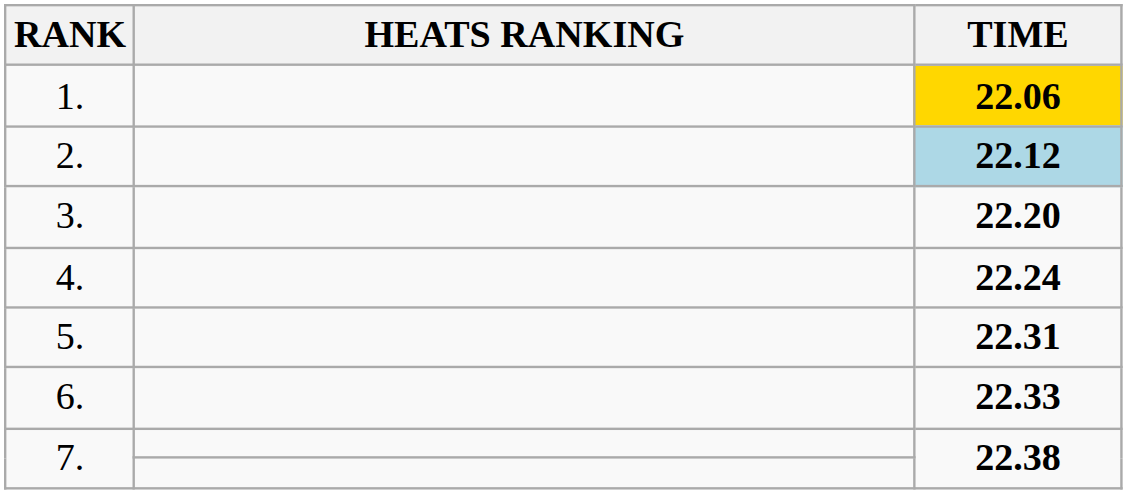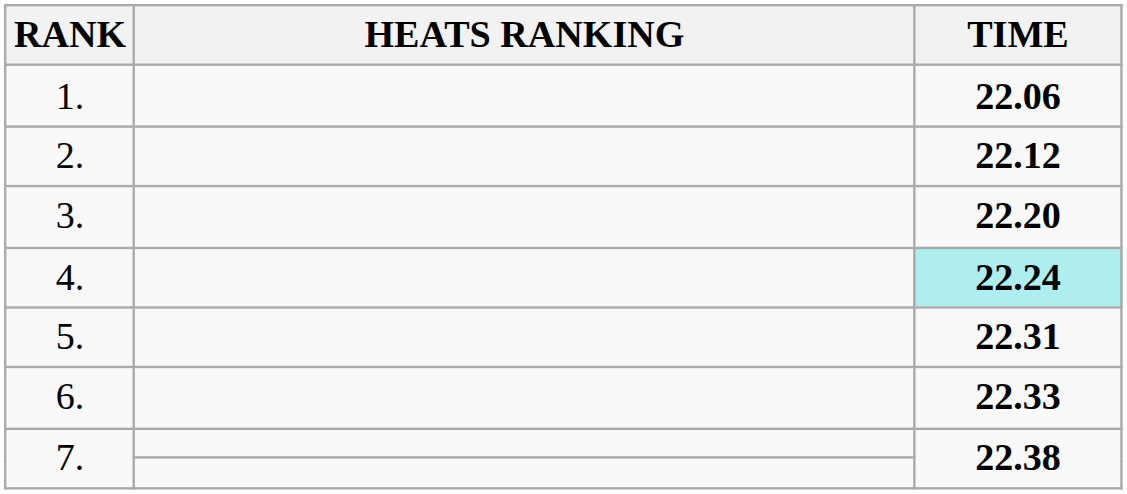 <table class="wikitable">
 <tr>
 <th>RANK</th>
 <th style="width: 20em">HEATS RANKING</th>
 <th style="width: 5em">TIME</th>
 </tr>
 <tr>
 <td align="center">1.</td>
 <td></td>
-<td align="center" style="background: gold;"><strong>22.06</strong></td>
+<td align="center"><strong>22.06</strong></td>
 </tr>
 <tr>
 <td align="center">2.</td>
 <td></td>
-<td align="center" style="background: lightblue;"><strong>22.12</strong></td>
+<td align="center"><strong>22.12</strong></td>
 </tr>
 <tr>
 <td align="center">3.</td>
 <td></td>
 <td align="center"><strong>22.20</strong></td>
 </tr>
 <tr>
 <td align="center">4.</td>
 <td></td>
-<td align="center"><strong>22.24</strong></td>
+<td align="center" style="background: paleturquoise;"><strong>22.24</strong></td>
 </tr>
 <tr>
 <td align="center">5.</td>
 <td></td>
 <td align="center"><strong>22.31</strong></td>
 </tr>
 <tr>
 <td align="center">6.</td>
 <td></td>
 <td align="center"><strong>22.33</strong></td>
 </tr>
 <tr>
 <td rowspan=2 align="center">7.</td>
 <td></td>
 <td rowspan=2 align="center"><strong>22.38</strong></td>
 </tr>
 <tr>
 <td></td>
 </tr>
 </table>
